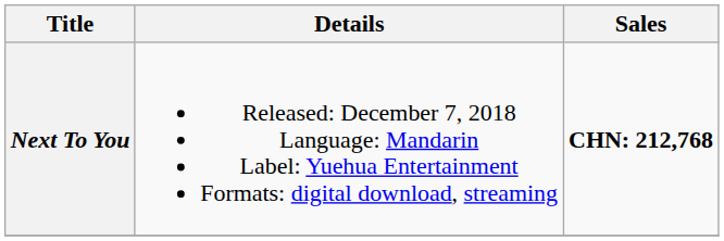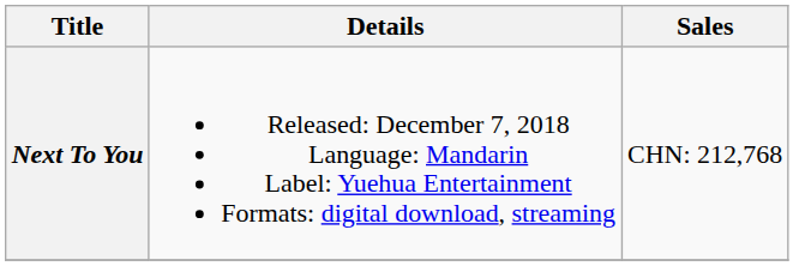 <table class="wikitable plainrowheaders" style="text-align:center;">
 <tr>
 <th scope="col">Title</th>
 <th scope="col">Details</th>
 <th scope="col">Sales</th>
 </tr>
 <tr>
 <th scope="row"><em>Next To You</em></th>
 <td><br><ul><li>Released: December 7, 2018</li><li>Language: <a href='#'>Mandarin</a></li><li>Label: <a href='#'>Yuehua Entertainment</a></li><li>Formats: <a href='#'>digital download</a>, <a href='#'>streaming</a></li></ul></td>
-<td><strong>CHN: 212,768</strong></td>
+<td>CHN: 212,768</td>
 </tr>
 <tr>
 </tr>
 </table>
